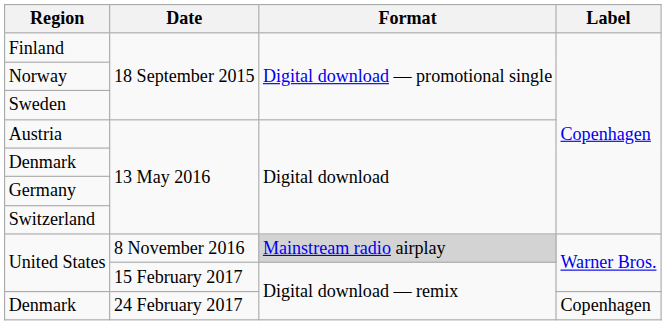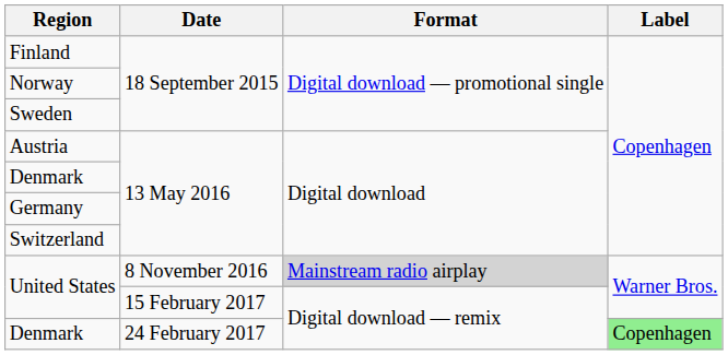 <table class=wikitable>
 <tr>
 <th>Region</th>
 <th>Date</th>
 <th>Format</th>
 <th>Label</th>
 </tr>
 <tr>
 <td>Finland</td>
 <td rowspan="3">18 September 2015</td>
 <td rowspan="3"><a href='#'>Digital download</a> — promotional single</td>
 <td rowspan="7"><a href='#'>Copenhagen</a></td>
 </tr>
 <tr>
 <td>Norway</td>
 </tr>
 <tr>
 <td>Sweden</td>
 </tr>
 <tr>
 <td>Austria</td>
 <td rowspan="4">13 May 2016</td>
 <td rowspan="4">Digital download</td>
 </tr>
 <tr>
 <td>Denmark</td>
 </tr>
 <tr>
 <td>Germany</td>
 </tr>
 <tr>
 <td>Switzerland</td>
 </tr>
 <tr>
 <td rowspan="2">United States</td>
 <td>8 November 2016</td>
 <td style="background: lightgrey;"><a href='#'>Mainstream radio</a> airplay</td>
 <td rowspan="2"><a href='#'>Warner Bros.</a></td>
 </tr>
 <tr>
 <td>15 February 2017</td>
 <td rowspan="2">Digital download — remix</td>
 </tr>
 <tr>
 <td>Denmark</td>
 <td>24 February 2017</td>
-<td>Copenhagen</td>
+<td style="background: lightgreen;">Copenhagen</td>
 </tr>
 </table>
